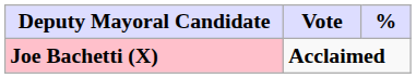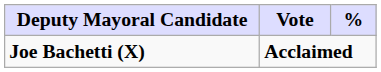 <table class="wikitable">
 <tr>
 <th style="background:#ddf; width:200px;">Deputy Mayoral Candidate</th>
 <th style="background:#ddf; width:50px;">Vote</th>
 <th style="background:#ddf; width:30px;">%</th>
 </tr>
 <tr>
-<td style="background: pink;"><strong>Joe Bachetti (X)</strong></td>
+<td><strong>Joe Bachetti (X)</strong></td>
 <td colspan="2"><strong>Acclaimed</strong></td>
 </tr>
 </table>
